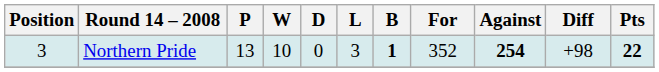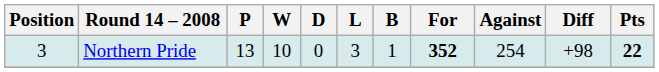 <table class="wikitable" style="text-align:center; font-size:85%;">
 <tr>
 <th width=40 abbr="Position">Position</th>
 <th width=100>Round 14 – 2008</th>
 <th width=20 abbr="Played">P</th>
 <th width=20 abbr="Won">W</th>
 <th width=20 abbr="Drawn">D</th>
 <th width=20 abbr="Lost">L</th>
 <th width=20 abbr="Bye">B</th>
 <th width=40 abbr="Points for">For</th>
 <th width=40 abbr="Points against">Against</th>
 <th width=40 abbr="Points difference">Diff</th>
 <th width=25 abbr="Points">Pts</th>
 </tr>
 <tr style="background: #d7ebed;">
 <td>3</td>
 <td style="text-align:left;"> <a href='#'>Northern Pride</a></td>
 <td>13</td>
 <td>10</td>
 <td>0</td>
 <td>3</td>
-<td><strong>1</strong></td>
-<td>352</td>
-<td><strong>254</strong></td>
+<td>1</td>
+<td><strong>352</strong></td>
+<td>254</td>
 <td>+98</td>
 <td><strong>22</strong></td>
 </tr>
 <tr>
 </tr>
 </table>
